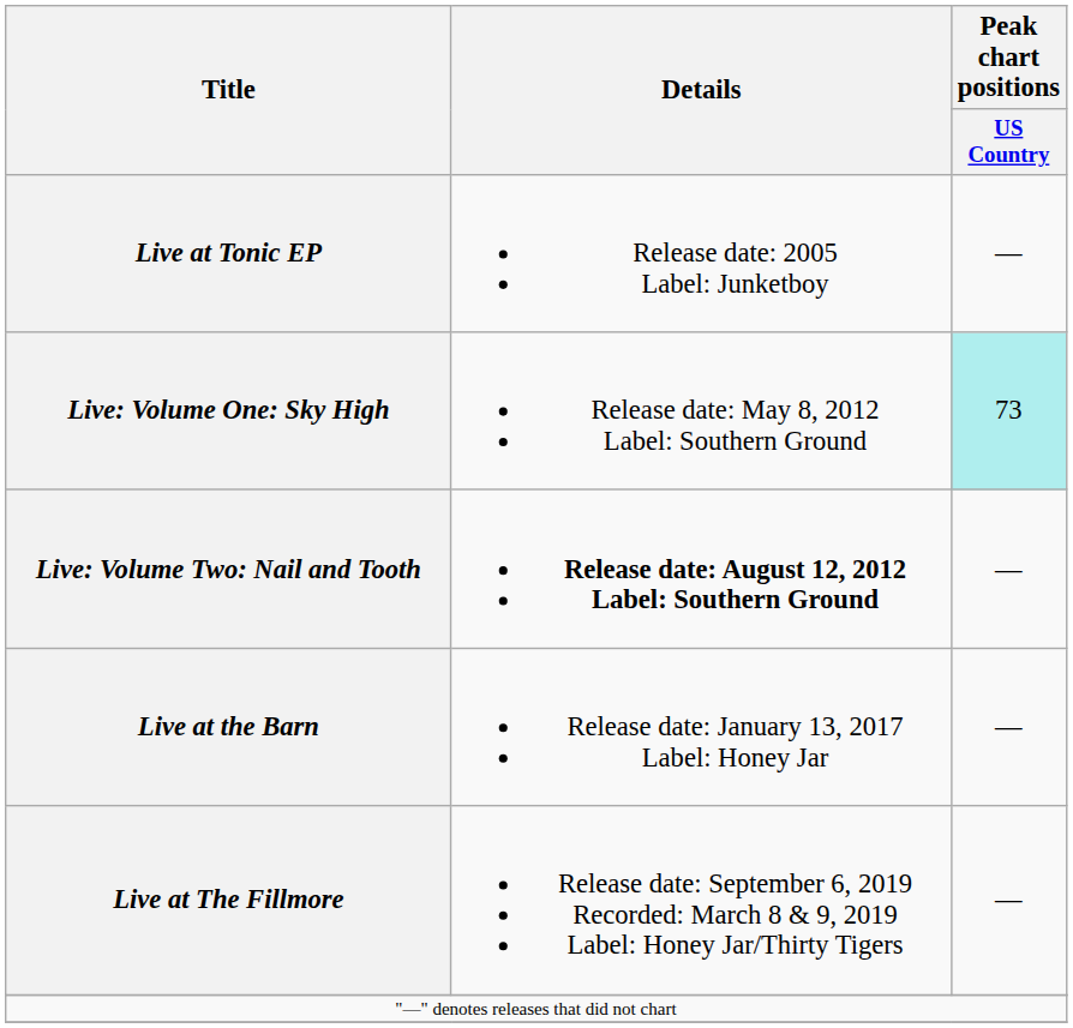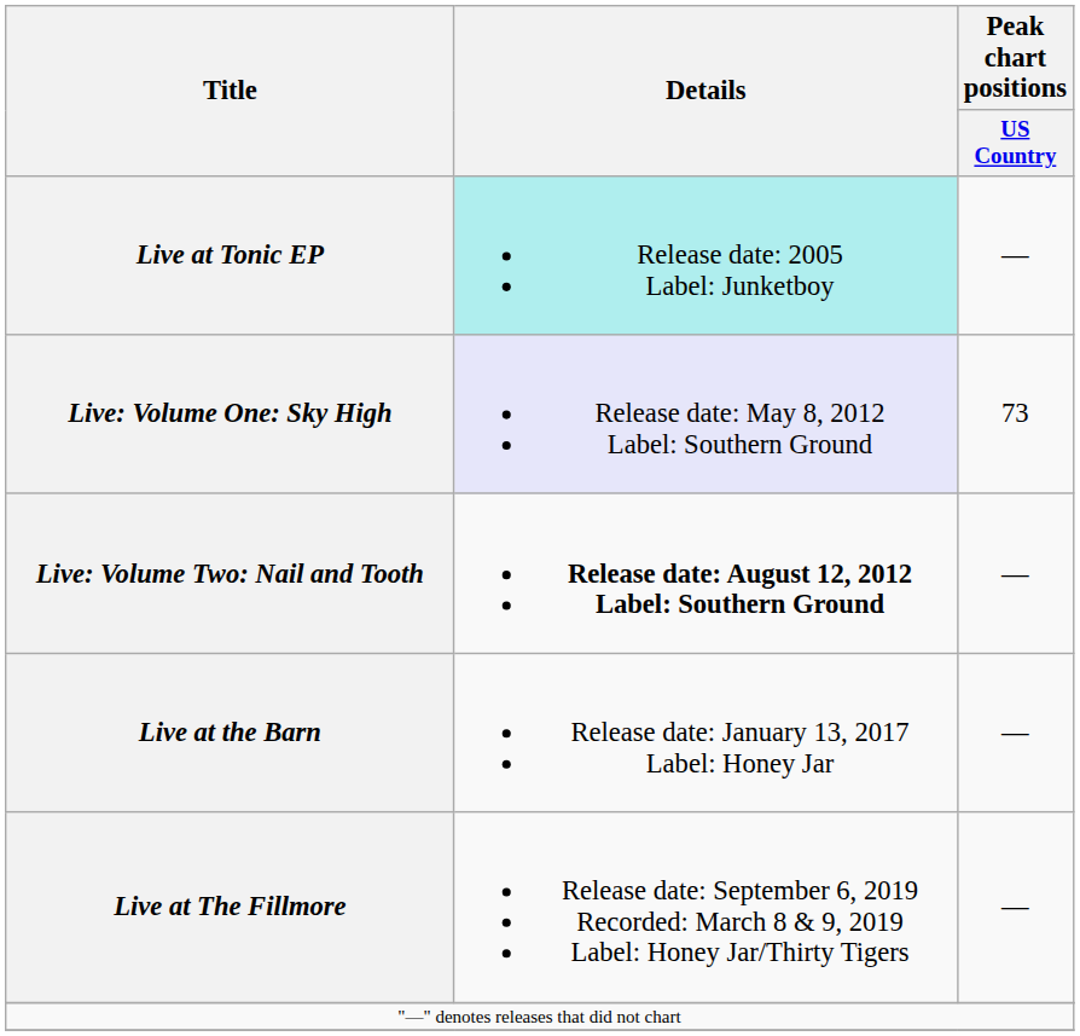 <table class="wikitable plainrowheaders" style="text-align:center;">
 <tr>
 <th rowspan="2" style="width:16em;">Title</th>
 <th rowspan="2" style="width:18em;">Details</th>
 <th>Peak chart positions</th>
 </tr>
 <tr style="font-size:smaller;">
 <th style="width:45px;"><a href='#'>US Country</a></th>
 </tr>
 <tr>
 <th scope="row"><em>Live at Tonic EP</em></th>
-<td><br><ul><li>Release date: 2005</li><li>Label: Junketboy</li></ul></td>
+<td style="background: paleturquoise;"><br><ul><li>Release date: 2005</li><li>Label: Junketboy</li></ul></td>
 <td>—</td>
 </tr>
 <tr>
 <th scope="row"><em>Live: Volume One: Sky High</em></th>
-<td><br><ul><li>Release date: May 8, 2012</li><li>Label: Southern Ground</li></ul></td>
-<td style="background: paleturquoise;">73</td>
+<td style="background: lavender;"><br><ul><li>Release date: May 8, 2012</li><li>Label: Southern Ground</li></ul></td>
+<td>73</td>
 </tr>
 <tr>
 <th scope="row"><em>Live: Volume Two: Nail and Tooth</em></th>
 <td><strong><br><ul><li>Release date: August 12, 2012</li><li>Label: Southern Ground</li></ul></strong></td>
 <td>—</td>
 </tr>
 <tr>
 <th scope="row"><em>Live at the Barn</em></th>
 <td><br><ul><li>Release date: January 13, 2017</li><li>Label: Honey Jar</li></ul></td>
 <td>—</td>
 </tr>
 <tr>
 <th scope="row"><em>Live at The Fillmore</em></th>
 <td><br><ul><li>Release date: September 6, 2019</li><li>Recorded: March 8 & 9, 2019</li><li>Label: Honey Jar/Thirty Tigers</li></ul></td>
 <td>—</td>
 </tr>
 <tr>
 </tr>
 <tr>
 <td colspan="6" style="font-size:8pt">"—" denotes releases that did not chart</td>
 </tr>
 <tr>
 </tr>
 </table>
